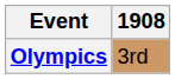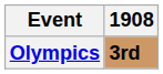 <table class="wikitable plainrowheaders">
 <tr>
 <th scope="col">Event</th>
 <th scope="col">1908</th>
 </tr>
 <tr>
 <th scope="row"><a href='#'>Olympics</a></th>
-<td align="centr" bgcolor="cc9966">3rd</td>
+<td align="centr" bgcolor="cc9966"><strong>3rd</strong></td>
 </tr>
 </table>
